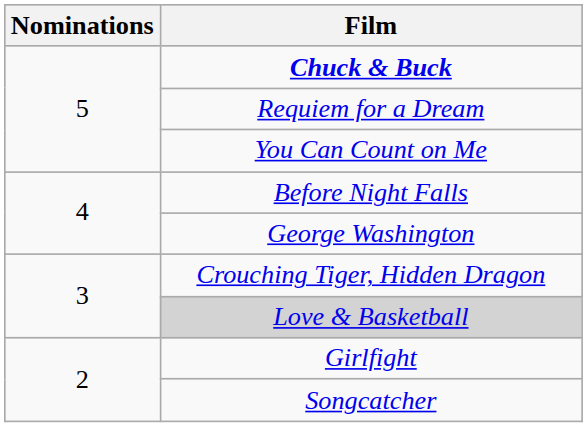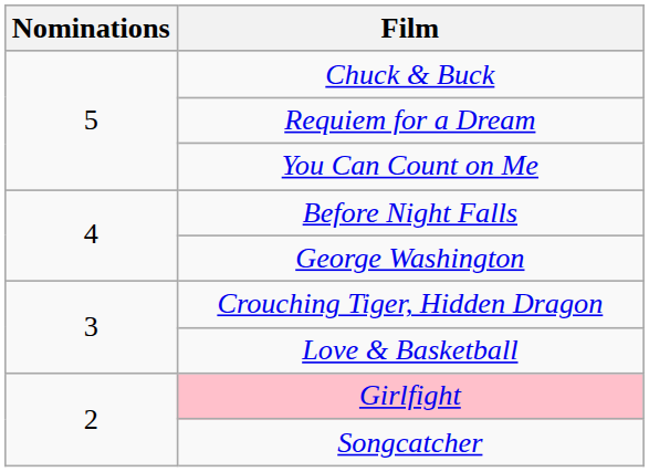 <table class="wikitable" rowspan=2 border=2 style="text-align:center;">
 <tr>
 <th scope="col" width="50">Nominations</th>
 <th scope="col" width="250">Film</th>
 </tr>
 <tr>
 <td rowspan="3">5</td>
-<td><strong><em><a href='#'>Chuck & Buck</a></em></strong></td>
+<td><em><a href='#'>Chuck & Buck</a></em></td>
 </tr>
 <tr>
 <td><em><a href='#'>Requiem for a Dream</a></em></td>
 </tr>
 <tr>
 <td><em><a href='#'>You Can Count on Me</a></em></td>
 </tr>
 <tr>
 <td rowspan="2">4</td>
 <td><em><a href='#'>Before Night Falls</a></em></td>
 </tr>
 <tr>
 <td><em><a href='#'>George Washington</a></em></td>
 </tr>
 <tr>
 <td rowspan="2">3</td>
 <td><em><a href='#'>Crouching Tiger, Hidden Dragon</a></em></td>
 </tr>
 <tr>
-<td style="background: lightgrey;"><em><a href='#'>Love & Basketball</a></em></td>
+<td><em><a href='#'>Love & Basketball</a></em></td>
 </tr>
 <tr>
 <td rowspan="2">2</td>
-<td><em><a href='#'>Girlfight</a></em></td>
+<td style="background: pink;"><em><a href='#'>Girlfight</a></em></td>
 </tr>
 <tr>
 <td><em><a href='#'>Songcatcher</a></em></td>
 </tr>
 </table>
